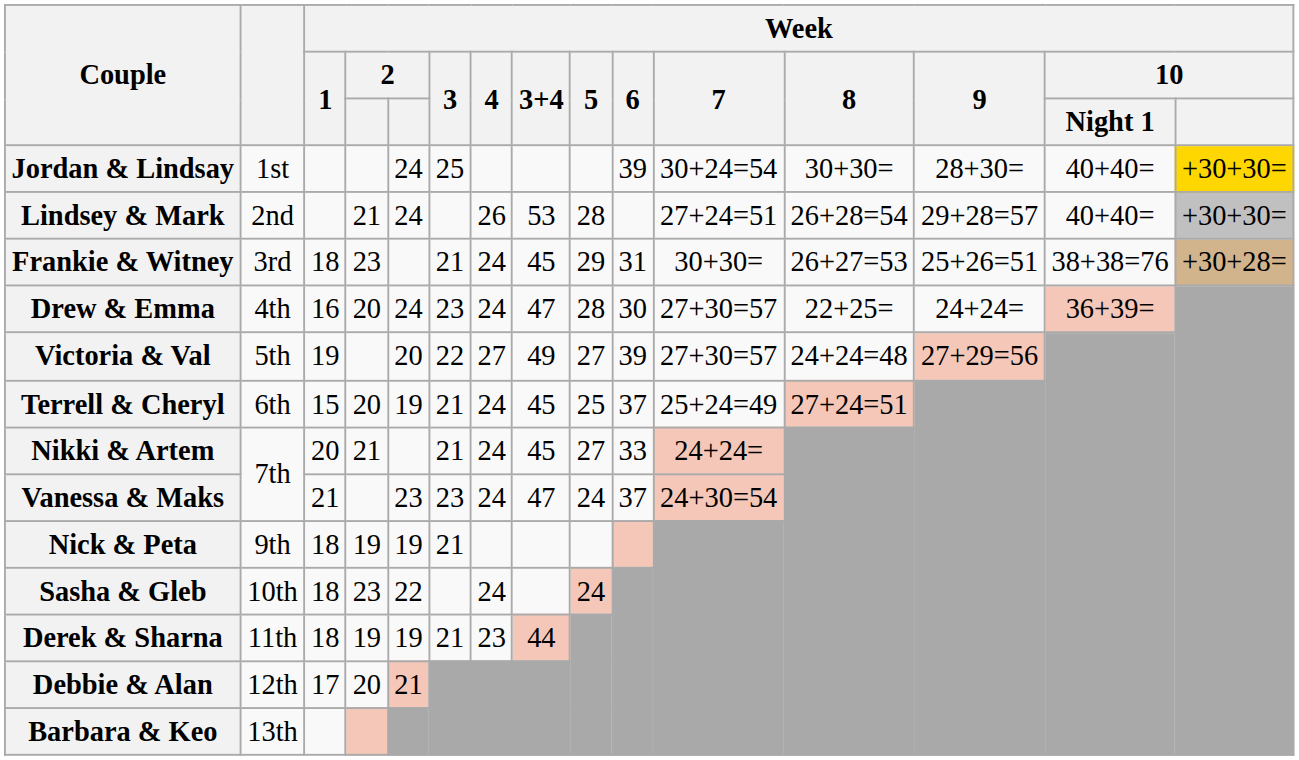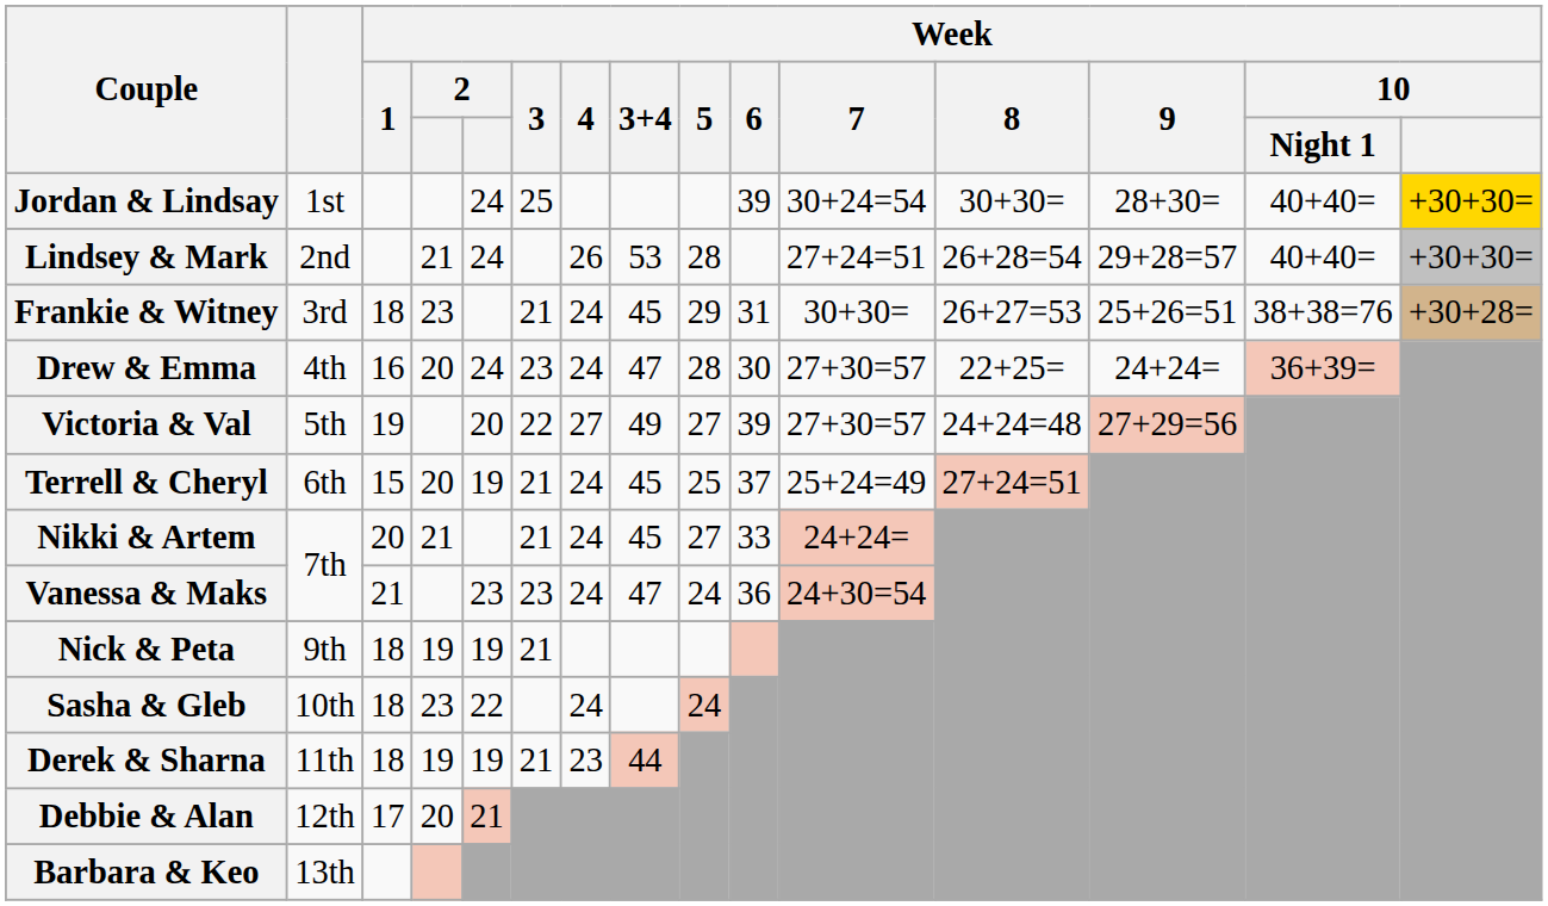 <table class="wikitable sortable" style="text-align:center; font-size:95%">
 <tr>
 <th scope="col" rowspan="3" style="text-align:center;">Couple</th>
 <th scope="col" rowspan="3" style="text-align:center;"></th>
 <th colspan="13" style="text-align:center;">Week</th>
 </tr>
 <tr>
 <th scope="col" rowspan=2>1</th>
 <th scope="col" colspan=2>2</th>
 <th scope="col" rowspan=2>3</th>
 <th scope="col" rowspan=2>4</th>
 <th scope="col" rowspan=2>3+4</th>
 <th scope="col" rowspan=2>5</th>
 <th scope="col" rowspan=2 style="text-align:center;font-weight:normal"><strong>6</strong></th>
 <th scope="col" rowspan=2>7</th>
 <th scope="col" rowspan=2>8</th>
 <th scope="col" rowspan=2>9</th>
 <th scope="col" colspan=2>10</th>
 </tr>
 <tr>
 <th></th>
 <th></th>
 <th style="text-align:center;font-weight:normal"><strong>Night 1</strong></th>
 <th></th>
 </tr>
 <tr>
 <th scope="row">Jordan & Lindsay</th>
 <td>1st</td>
 <td></td>
 <td></td>
 <td>24</td>
 <td>25</td>
 <td></td>
 <td></td>
 <td></td>
 <td>39</td>
 <td>30+24=54</td>
 <td>30+30=</td>
 <td>28+30=</td>
 <td>40+40=</td>
 <td bgcolor=gold >+30+30=</td>
 </tr>
 <tr>
 <th scope="row">Lindsey & Mark</th>
 <td>2nd</td>
 <td></td>
 <td>21</td>
 <td>24</td>
 <td></td>
 <td>26</td>
 <td>53</td>
 <td>28</td>
 <td></td>
 <td>27+24=51</td>
 <td>26+28=54</td>
 <td>29+28=57</td>
 <td>40+40=</td>
 <td bgcolor=silver >+30+30=</td>
 </tr>
 <tr>
 <th scope="row">Frankie & Witney</th>
 <td>3rd</td>
 <td>18</td>
 <td>23</td>
 <td></td>
 <td>21</td>
 <td>24</td>
 <td>45</td>
 <td>29</td>
 <td>31</td>
 <td>30+30=</td>
 <td>26+27=53</td>
 <td>25+26=51</td>
 <td>38+38=76</td>
 <td bgcolor=tan >+30+28=</td>
 </tr>
 <tr>
 <th scope="row">Drew & Emma</th>
 <td>4th</td>
 <td>16</td>
 <td>20</td>
 <td>24</td>
 <td>23</td>
 <td>24</td>
 <td>47</td>
 <td>28</td>
 <td>30</td>
 <td>27+30=57</td>
 <td>22+25=</td>
 <td>24+24=</td>
 <td bgcolor=f4c7b8 >36+39=</td>
 <td colspan="1" rowspan="10" style="background:darkgrey;"></td>
 </tr>
 <tr>
 <th scope="row">Victoria & Val</th>
 <td>5th</td>
 <td>19</td>
 <td></td>
 <td>20</td>
 <td>22</td>
 <td>27</td>
 <td>49</td>
 <td>27</td>
 <td>39</td>
 <td>27+30=57</td>
 <td>24+24=48</td>
 <td bgcolor=f4c7b8 >27+29=56</td>
 <td rowspan="9" style="background:darkgrey;"></td>
 </tr>
 <tr>
 <th scope="row">Terrell & Cheryl</th>
 <td>6th</td>
 <td>15</td>
 <td>20</td>
 <td>19</td>
 <td>21</td>
 <td>24</td>
 <td>45</td>
 <td>25</td>
 <td>37</td>
 <td>25+24=49</td>
 <td bgcolor=f4c7b8 >27+24=51</td>
 <td rowspan="8" style="background:darkgrey;"></td>
 </tr>
 <tr>
 <th scope="row">Nikki & Artem</th>
 <td rowspan=2>7th</td>
 <td>20</td>
 <td>21</td>
 <td></td>
 <td>21</td>
 <td>24</td>
 <td>45</td>
 <td>27</td>
 <td>33</td>
 <td bgcolor=f4c7b8 >24+24=</td>
 <td rowspan="7" style="background:darkgrey;"></td>
 </tr>
 <tr>
 <th scope="row">Vanessa & Maks</th>
 <td>21</td>
 <td></td>
 <td>23</td>
 <td>23</td>
 <td>24</td>
 <td>47</td>
 <td>24</td>
-<td>37</td>
+<td>36</td>
 <td bgcolor=f4c7b8 >24+30=54</td>
 </tr>
 <tr>
 <th scope="row">Nick & Peta</th>
 <td>9th</td>
 <td>18</td>
 <td>19</td>
 <td>19</td>
 <td>21</td>
 <td></td>
 <td></td>
 <td></td>
 <td bgcolor=f4c7b8></td>
 <td rowspan="5" style="background:darkgrey;"></td>
 </tr>
 <tr>
 <th scope="row">Sasha & Gleb</th>
 <td>10th</td>
 <td>18</td>
 <td>23</td>
 <td>22</td>
 <td></td>
 <td>24</td>
 <td></td>
 <td bgcolor=f4c7b8>24</td>
 <td rowspan="4" style="background:darkgrey;"></td>
 </tr>
 <tr>
 <th scope="row">Derek & Sharna</th>
 <td>11th</td>
 <td>18</td>
 <td>19</td>
 <td>19</td>
 <td>21</td>
 <td>23</td>
 <td bgcolor=f4c7b8>44</td>
 <td rowspan="3" style="background:darkgrey;"></td>
 </tr>
 <tr>
 <th scope="row">Debbie & Alan</th>
 <td>12th</td>
 <td>17</td>
 <td>20</td>
 <td bgcolor=f4c7b8>21</td>
 <td colspan="3" rowspan="2" style="background:darkgrey;"></td>
 </tr>
 <tr>
 <th scope="row">Barbara & Keo</th>
 <td>13th</td>
 <td></td>
 <td bgcolor=f4c7b8></td>
 <td style="background:darkgrey;"></td>
 </tr>
 </table>
